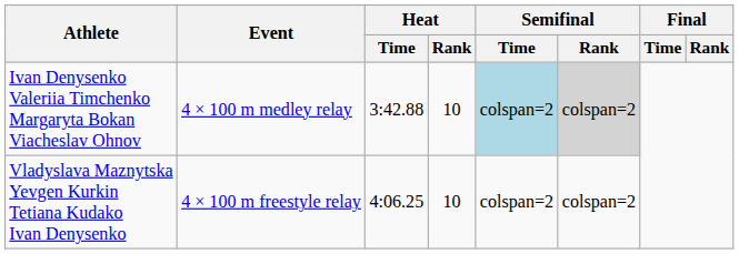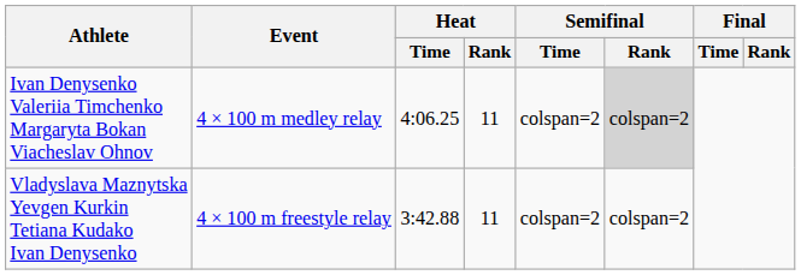 <table class=wikitable style="font-size:90%">
 <tr>
 <th rowspan="2">Athlete</th>
 <th rowspan="2">Event</th>
 <th colspan="2">Heat</th>
 <th colspan="2">Semifinal</th>
 <th colspan="2">Final</th>
 </tr>
 <tr style="font-size:95%">
 <th>Time</th>
 <th>Rank</th>
 <th>Time</th>
 <th>Rank</th>
 <th>Time</th>
 <th>Rank</th>
 </tr>
 <tr align=center>
 <td align=left><a href='#'>Ivan Denysenko</a><br><a href='#'>Valeriia Timchenko</a><br><a href='#'>Margaryta Bokan</a><br><a href='#'>Viacheslav Ohnov</a></td>
 <td align=left><a href='#'>4 × 100 m medley relay</a></td>
-<td>3:42.88</td>
-<td>10</td>
-<td style="background: lightblue;">colspan=2 </td>
+<td>4:06.25</td>
+<td>11</td>
+<td>colspan=2 </td>
 <td style="background: lightgrey;">colspan=2 </td>
 </tr>
 <tr align=center>
 <td align=left><a href='#'>Vladyslava Maznytska</a><br><a href='#'>Yevgen Kurkin</a><br><a href='#'>Tetiana Kudako</a><br><a href='#'>Ivan Denysenko</a></td>
 <td align=left><a href='#'>4 × 100 m freestyle relay</a></td>
-<td>4:06.25</td>
-<td>10</td>
+<td>3:42.88</td>
+<td>11</td>
 <td>colspan=2 </td>
 <td>colspan=2 </td>
 </tr>
 </table>
